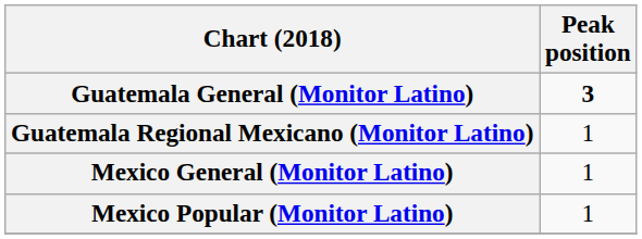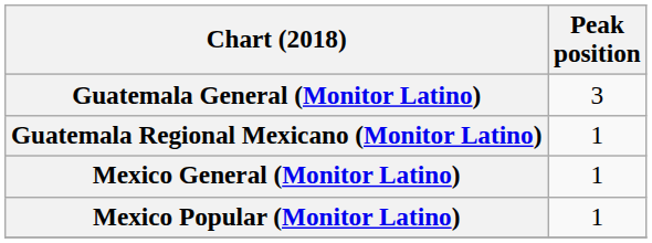 <table class="wikitable sortable plainrowheaders" style="text-align:center">
 <tr>
 <th scope="col">Chart (2018)</th>
 <th scope="col">Peak<br> position</th>
 </tr>
 <tr>
 <th scope="row">Guatemala General (<a href='#'>Monitor Latino</a>)</th>
-<td><strong>3</strong></td>
+<td>3</td>
 </tr>
 <tr>
 <th scope="row">Guatemala Regional Mexicano (<a href='#'>Monitor Latino</a>)</th>
 <td>1</td>
 </tr>
 <tr>
 <th scope="row">Mexico General (<a href='#'>Monitor Latino</a>)</th>
 <td>1</td>
 </tr>
 <tr>
 <th scope="row">Mexico Popular (<a href='#'>Monitor Latino</a>)</th>
 <td>1</td>
 </tr>
 <tr>
 </tr>
 </table>
